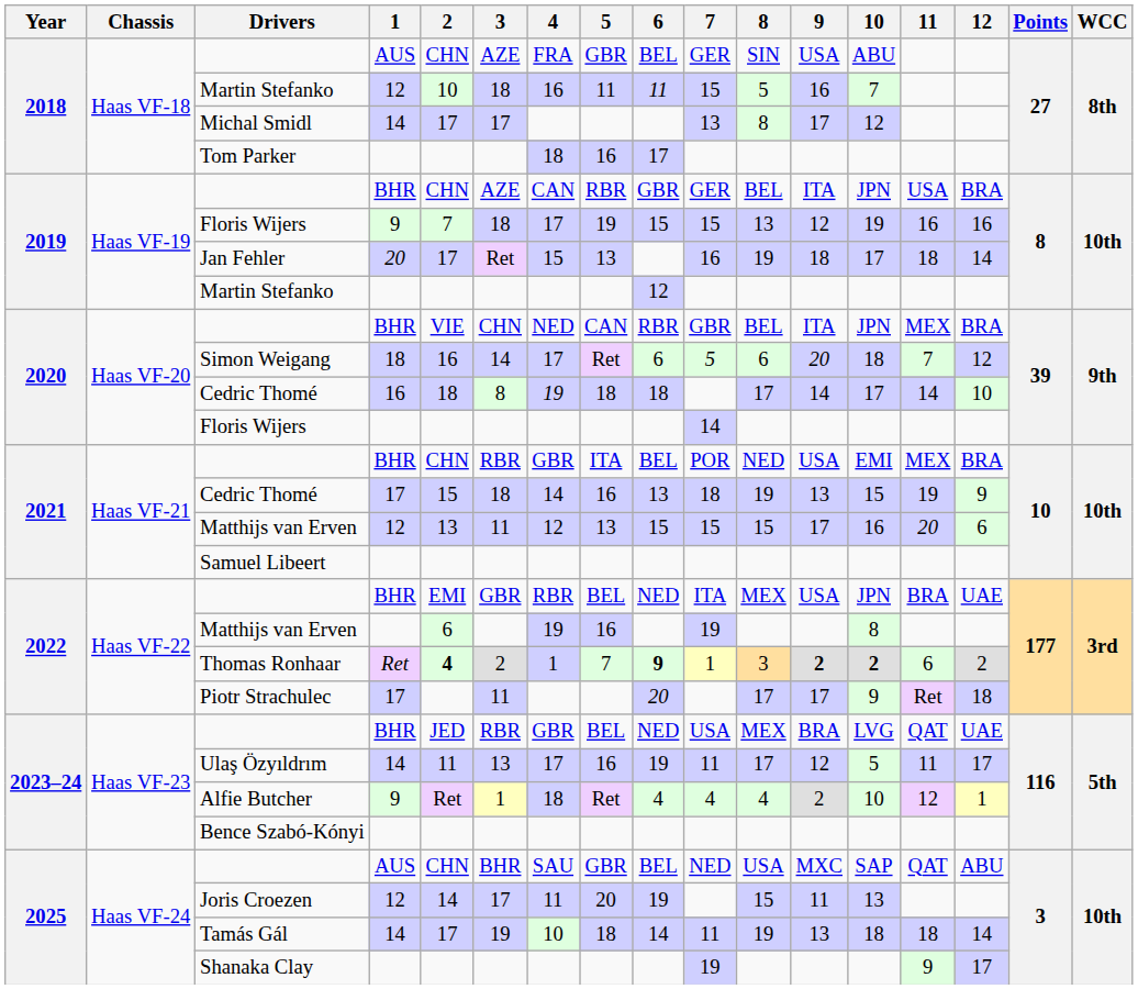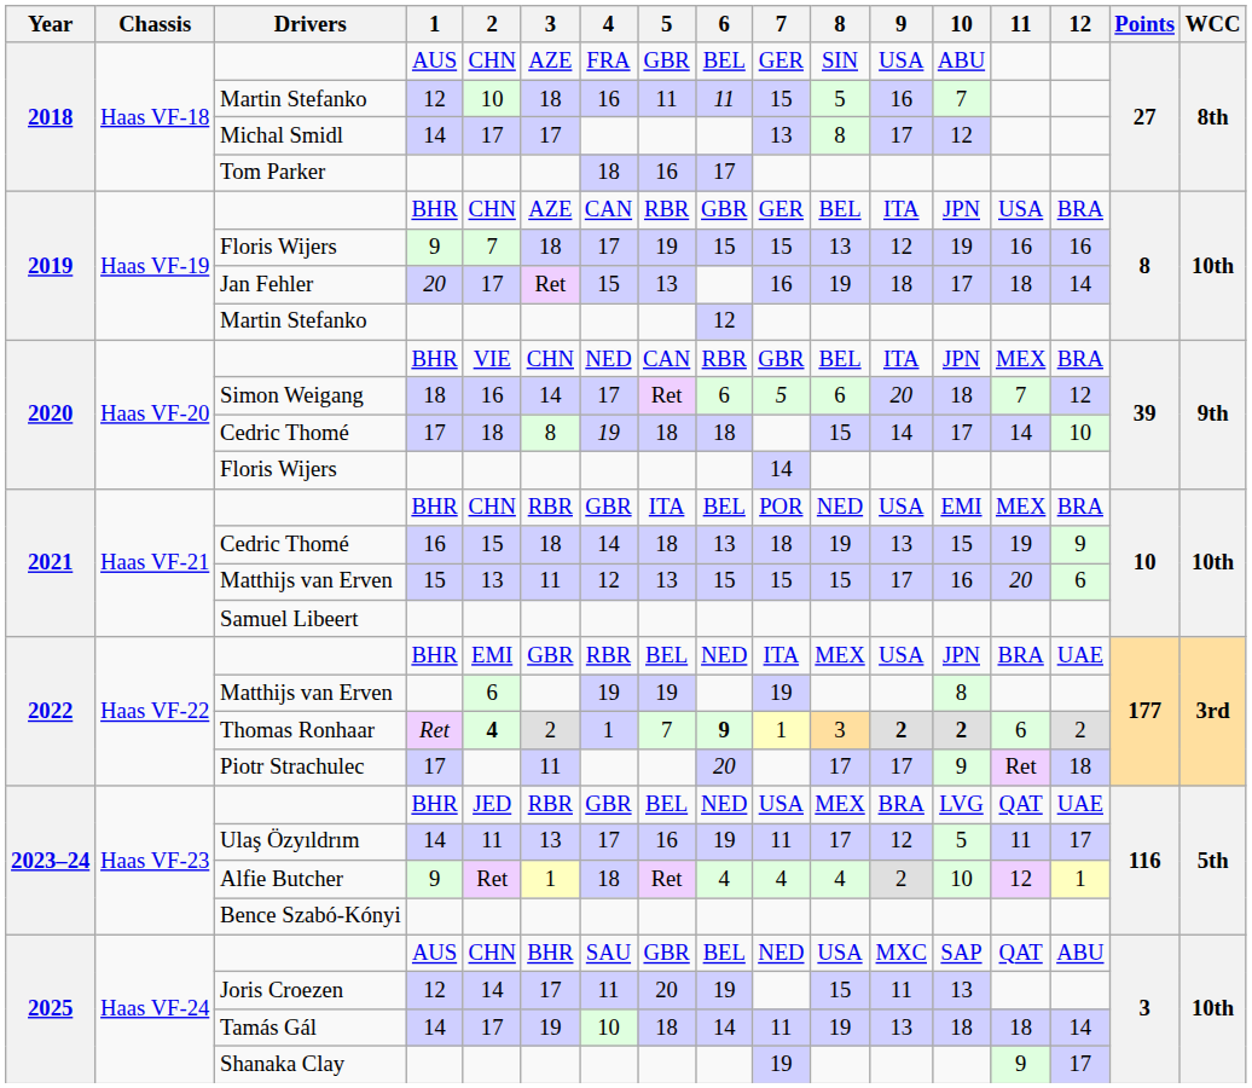 <table class="wikitable" style="text-align:center; font-size:85%">
 <tr>
 <th>Year</th>
 <th>Chassis</th>
 <th>Drivers</th>
 <th>1</th>
 <th>2</th>
 <th>3</th>
 <th>4</th>
 <th>5</th>
 <th>6</th>
 <th>7</th>
 <th>8</th>
 <th>9</th>
 <th>10</th>
 <th>11</th>
 <th>12</th>
 <th><a href='#'>Points</a></th>
 <th>WCC</th>
 </tr>
 <tr>
 <th rowspan="4"><a href='#'>2018</a></th>
 <td rowspan="4"><a href='#'>Haas VF-18</a></td>
 <td></td>
 <td><a href='#'>AUS</a></td>
 <td><a href='#'>CHN</a></td>
 <td><a href='#'>AZE</a></td>
 <td><a href='#'>FRA</a></td>
 <td><a href='#'>GBR</a></td>
 <td><a href='#'>BEL</a></td>
 <td><a href='#'>GER</a></td>
 <td><a href='#'>SIN</a></td>
 <td><a href='#'>USA</a></td>
 <td><a href='#'>ABU</a></td>
 <td></td>
 <td></td>
 <th rowspan="4" style="background:#;">27</th>
 <th rowspan="4" style="background:#;">8th</th>
 </tr>
 <tr>
 <td align="left"> Martin Stefanko</td>
 <td style="background: #CFCFFF">12</td>
 <td style="background: #DFFFDF">10</td>
 <td style="background: #CFCFFF">18</td>
 <td style="background: #CFCFFF">16</td>
 <td style="background: #CFCFFF">11</td>
 <td style="background: #CFCFFF"><em>11</em></td>
 <td style="background: #CFCFFF">15</td>
 <td style="background: #DFFFDF">5</td>
 <td style="background: #CFCFFF">16</td>
 <td style="background: #DFFFDF">7</td>
 <td></td>
 <td></td>
 </tr>
 <tr>
 <td align="left"> Michal Smidl</td>
 <td style="background: #CFCFFF">14</td>
 <td style="background: #CFCFFF">17</td>
 <td style="background: #CFCFFF">17</td>
 <td style="background: #"></td>
 <td style="background: #"></td>
 <td style="background: #"></td>
 <td style="background: #CFCFFF">13</td>
 <td style="background: #DFFFDF">8</td>
 <td style="background: #CFCFFF">17</td>
 <td style="background: #CFCFFF">12</td>
 <td></td>
 <td></td>
 </tr>
 <tr>
 <td align="left"> Tom Parker</td>
 <td style="background: #"></td>
 <td style="background: #"></td>
 <td style="background: #"></td>
 <td style="background: #CFCFFF">18</td>
 <td style="background: #CFCFFF">16</td>
 <td style="background: #CFCFFF">17</td>
 <td style="background: #"></td>
 <td style="background: #"></td>
 <td style="background: #"></td>
 <td style="background: #"></td>
 <td></td>
 <td></td>
 </tr>
 <tr>
 <th rowspan="4"><a href='#'>2019</a></th>
 <td rowspan="4"><a href='#'>Haas VF-19</a></td>
 <td></td>
 <td><a href='#'>BHR</a></td>
 <td><a href='#'>CHN</a></td>
 <td><a href='#'>AZE</a></td>
 <td><a href='#'>CAN</a></td>
 <td><a href='#'>RBR</a></td>
 <td><a href='#'>GBR</a></td>
 <td><a href='#'>GER</a></td>
 <td><a href='#'>BEL</a></td>
 <td><a href='#'>ITA</a></td>
 <td><a href='#'>JPN</a></td>
 <td><a href='#'>USA</a></td>
 <td><a href='#'>BRA</a></td>
 <th rowspan="4" style="background: #;">8</th>
 <th rowspan="4" style="background: #;">10th</th>
 </tr>
 <tr>
 <td align="left"> Floris Wijers</td>
 <td style="background: #DFFFDF">9</td>
 <td style="background: #DFFFDF">7</td>
 <td style="background: #CFCFFF">18</td>
 <td style="background: #CFCFFF">17</td>
 <td style="background: #CFCFFF">19</td>
 <td style="background: #CFCFFF">15</td>
 <td style="background: #CFCFFF">15</td>
 <td style="background: #CFCFFF">13</td>
 <td style="background: #CFCFFF">12</td>
 <td style="background: #CFCFFF">19</td>
 <td style="background: #CFCFFF">16</td>
 <td style="background: #CFCFFF">16</td>
 </tr>
 <tr>
 <td align="left"> Jan Fehler</td>
 <td style="background: #CFCFFF"><em>20</em></td>
 <td style="background: #CFCFFF">17</td>
 <td style="background: #EFCFFF">Ret</td>
 <td style="background: #CFCFFF">15</td>
 <td style="background: #CFCFFF">13</td>
 <td></td>
 <td style="background: #CFCFFF">16</td>
 <td style="background: #CFCFFF">19</td>
 <td style="background: #CFCFFF">18</td>
 <td style="background: #CFCFFF">17</td>
 <td style="background: #CFCFFF">18</td>
 <td style="background: #CFCFFF">14</td>
 </tr>
 <tr>
 <td align="left"> Martin Stefanko</td>
 <td></td>
 <td></td>
 <td></td>
 <td></td>
 <td></td>
 <td style="background: #CFCFFF">12</td>
 <td></td>
 <td></td>
 <td style="background: #"></td>
 <td></td>
 <td></td>
 <td style="background: #"></td>
 </tr>
 <tr>
 <th rowspan="4"><a href='#'>2020</a></th>
 <td rowspan="4"><a href='#'>Haas VF-20</a></td>
 <td></td>
 <td><a href='#'>BHR</a></td>
 <td><a href='#'>VIE</a></td>
 <td><a href='#'>CHN</a></td>
 <td><a href='#'>NED</a></td>
 <td><a href='#'>CAN</a></td>
 <td><a href='#'>RBR</a></td>
 <td><a href='#'>GBR</a></td>
 <td><a href='#'>BEL</a></td>
 <td><a href='#'>ITA</a></td>
 <td><a href='#'>JPN</a></td>
 <td><a href='#'>MEX</a></td>
 <td><a href='#'>BRA</a></td>
 <th rowspan="4">39</th>
 <th rowspan="4">9th</th>
 </tr>
 <tr>
 <td align="left"> Simon Weigang</td>
 <td style="background: #CFCFFF">18</td>
 <td style="background: #CFCFFF">16</td>
 <td style="background: #CFCFFF">14</td>
 <td style="background: #CFCFFF">17</td>
 <td style="background: #EFCFFF">Ret</td>
 <td style="background: #DFFFDF">6</td>
 <td style="background: #DFFFDF"><em>5</em></td>
 <td style="background: #DFFFDF">6</td>
 <td style="background: #CFCFFF"><em>20</em></td>
 <td style="background: #CFCFFF">18</td>
 <td style="background: #DFFFDF">7</td>
 <td style="background: #CFCFFF">12</td>
 </tr>
 <tr>
 <td align="left"> Cedric Thomé</td>
-<td style="background: #CFCFFF">16</td>
+<td style="background: #CFCFFF">17</td>
 <td style="background: #CFCFFF">18</td>
 <td style="background: #DFFFDF">8</td>
 <td style="background: #CFCFFF"><em>19</em></td>
 <td style="background: #CFCFFF">18</td>
 <td style="background: #CFCFFF">18</td>
 <td style="background: #"></td>
-<td style="background: #CFCFFF">17</td>
+<td style="background: #CFCFFF">15</td>
 <td style="background: #CFCFFF">14</td>
 <td style="background: #CFCFFF">17</td>
 <td style="background: #CFCFFF">14</td>
 <td style="background: #DFFFDF">10</td>
 </tr>
 <tr>
 <td align="left"> Floris Wijers</td>
 <td></td>
 <td></td>
 <td></td>
 <td></td>
 <td></td>
 <td></td>
 <td style="background: #CFCFFF">14</td>
 <td style="background: #"></td>
 <td></td>
 <td></td>
 <td></td>
 <td></td>
 </tr>
 <tr>
 <th rowspan="4"><a href='#'>2021</a></th>
 <td rowspan="4"><a href='#'>Haas VF-21</a></td>
 <td></td>
 <td><a href='#'>BHR</a></td>
 <td><a href='#'>CHN</a></td>
 <td><a href='#'>RBR</a></td>
 <td><a href='#'>GBR</a></td>
 <td><a href='#'>ITA</a></td>
 <td><a href='#'>BEL</a></td>
 <td><a href='#'>POR</a></td>
 <td><a href='#'>NED</a></td>
 <td><a href='#'>USA</a></td>
 <td><a href='#'>EMI</a></td>
 <td><a href='#'>MEX</a></td>
 <td><a href='#'>BRA</a></td>
 <th rowspan="4">10</th>
 <th rowspan="4">10th</th>
 </tr>
 <tr>
 <td align="left"> Cedric Thomé</td>
-<td style="background: #CFCFFF">17</td>
+<td style="background: #CFCFFF">16</td>
 <td style="background: #CFCFFF">15</td>
 <td style="background: #CFCFFF">18</td>
 <td style="background: #CFCFFF">14</td>
-<td style="background: #CFCFFF">16</td>
+<td style="background: #CFCFFF">18</td>
 <td style="background: #CFCFFF">13</td>
 <td style="background: #CFCFFF">18</td>
 <td style="background: #CFCFFF">19</td>
 <td style="background: #CFCFFF">13</td>
 <td style="background: #CFCFFF">15</td>
 <td style="background: #CFCFFF">19</td>
 <td style="background: #DFFFDF;">9</td>
 </tr>
 <tr>
 <td align="left"> Matthijs van Erven</td>
-<td style="background: #CFCFFF">12</td>
+<td style="background: #CFCFFF">15</td>
 <td style="background: #CFCFFF">13</td>
 <td style="background: #CFCFFF">11</td>
 <td style="background: #CFCFFF">12</td>
 <td style="background: #CFCFFF">13</td>
 <td style="background: #CFCFFF">15</td>
 <td style="background: #CFCFFF">15</td>
 <td style="background: #CFCFFF">15</td>
 <td style="background: #CFCFFF">17</td>
 <td style="background: #CFCFFF">16</td>
 <td style="background: #CFCFFF"><em>20</em></td>
 <td style="background: #DFFFDF">6</td>
 </tr>
 <tr>
 <td align="left"> Samuel Libeert</td>
 <td style="background: #"></td>
 <td style="background: #"></td>
 <td style="background: #"></td>
 <td style="background: #"></td>
 <td style="background: #"></td>
 <td style="background: #"></td>
 <td style="background: #"></td>
 <td style="background: #"></td>
 <td style="background: #"></td>
 <td style="background: #"></td>
 <td style="background: #"></td>
 <td style="background: #"></td>
 </tr>
 <tr>
 <th rowspan="4"><a href='#'>2022</a></th>
 <td rowspan="4"><a href='#'>Haas VF-22</a></td>
 <td></td>
 <td><a href='#'>BHR</a></td>
 <td><a href='#'>EMI</a></td>
 <td><a href='#'>GBR</a></td>
 <td><a href='#'>RBR</a></td>
 <td><a href='#'>BEL</a></td>
 <td><a href='#'>NED</a></td>
 <td><a href='#'>ITA</a></td>
 <td><a href='#'>MEX</a></td>
 <td><a href='#'>USA</a></td>
 <td><a href='#'>JPN</a></td>
 <td><a href='#'>BRA</a></td>
 <td><a href='#'>UAE</a></td>
 <th rowspan="4" style="background: #FFDF9F">177</th>
 <th rowspan="4" style="background: #FFDF9F">3rd</th>
 </tr>
 <tr>
 <td align="left"> Matthijs van Erven</td>
 <td style="background: #"></td>
 <td style="background: #DFFFDF">6</td>
 <td style="background: #"></td>
 <td style="background: #CFCFFF">19</td>
-<td style="background: #CFCFFF">16</td>
+<td style="background: #CFCFFF;">19</td>
 <td style="background: #"></td>
 <td style="background: #CFCFFF">19</td>
 <td style="background: #"></td>
 <td style="background: #"></td>
 <td style="background: #DFFFDF">8</td>
 <td style="background: #"></td>
 <td style="background: #"></td>
 </tr>
 <tr>
 <td align="left"> Thomas Ronhaar</td>
 <td style="background: #EFCFFF"><em>Ret</em></td>
 <td style="background: #DFFFDF"><strong>4</strong></td>
 <td style="background: #DFDFDF">2</td>
 <td style="background: #CFCFFF">1</td>
 <td style="background: #DFFFDF">7</td>
 <td style="background: #DFFFDF"><strong>9</strong></td>
 <td style="background: #FFFFBF">1</td>
 <td style="background: #FFDF9F">3</td>
 <td style="background: #DFDFDF"><strong>2</strong></td>
 <td style="background: #DFDFDF"><strong>2</strong></td>
 <td style="background: #DFFFDF">6</td>
 <td style="background: #DFDFDF">2</td>
 </tr>
 <tr>
 <td align="left"> Piotr Strachulec</td>
 <td style="background: #CFCFFF">17</td>
 <td style="background: #"></td>
 <td style="background: #CFCFFF">11</td>
 <td style="background: #"></td>
 <td style="background: #"></td>
 <td style="background: #CFCFFF"><em>20</em></td>
 <td style="background: #"></td>
 <td style="background: #CFCFFF">17</td>
 <td style="background: #CFCFFF">17</td>
 <td style="background: #DFFFDF">9</td>
 <td style="background: #EFCFFF">Ret</td>
 <td style="background: #CFCFFF">18</td>
 </tr>
 <tr>
 <th rowspan="4"><a href='#'>2023–24</a></th>
 <td rowspan="4"><a href='#'>Haas VF-23</a></td>
 <td></td>
 <td><a href='#'>BHR</a></td>
 <td><a href='#'>JED</a></td>
 <td><a href='#'>RBR</a></td>
 <td><a href='#'>GBR</a></td>
 <td><a href='#'>BEL</a></td>
 <td><a href='#'>NED</a></td>
 <td><a href='#'>USA</a></td>
 <td><a href='#'>MEX</a></td>
 <td><a href='#'>BRA</a></td>
 <td><a href='#'>LVG</a></td>
 <td><a href='#'>QAT</a></td>
 <td><a href='#'>UAE</a></td>
 <th rowspan="4" style="background: #">116</th>
 <th rowspan="4" style="background: #">5th</th>
 </tr>
 <tr>
 <td align="left"> Ulaş Özyıldrım</td>
 <td style="background: #CFCFFF">14</td>
 <td style="background: #CFCFFF">11</td>
 <td style="background: #CFCFFF">13</td>
 <td style="background: #CFCFFF">17</td>
 <td style="background: #CFCFFF">16</td>
 <td style="background: #CFCFFF">19</td>
 <td style="background: #CFCFFF">11</td>
 <td style="background: #CFCFFF">17</td>
 <td style="background: #CFCFFF">12</td>
 <td style="background: #DFFFDF">5</td>
 <td style="background: #CFCFFF">11</td>
 <td style="background: #CFCFFF">17</td>
 </tr>
 <tr>
 <td align="left"> Alfie Butcher</td>
 <td style="background: #DFFFDF">9</td>
 <td style="background: #EFCFFF">Ret</td>
 <td style="background: #FFFFBF">1</td>
 <td style="background: #CFCFFF">18</td>
 <td style="background: #EFCFFF">Ret</td>
 <td style="background: #DFFFDF">4</td>
 <td style="background: #DFFFDF">4</td>
 <td style="background: #DFFFDF">4</td>
 <td style="background: #DFDFDF">2</td>
 <td style="background: #DFFFDF">10</td>
 <td style="background: #EFCFFF">12</td>
 <td style="background: #FFFFBF">1</td>
 </tr>
 <tr>
 <td align="left"> Bence Szabó-Kónyi</td>
 <td style="background:"></td>
 <td style="background:"></td>
 <td style="background:"></td>
 <td style="background:"></td>
 <td style="background:"></td>
 <td style="background:"></td>
 <td style="background:"></td>
 <td style="background:"></td>
 <td style="background:"></td>
 <td style="background:"></td>
 <td style="background:"></td>
 <td style="background:"></td>
 </tr>
 <tr>
 <th rowspan="4"><a href='#'>2025</a></th>
 <td rowspan="4"><a href='#'>Haas VF-24</a></td>
 <td></td>
 <td><a href='#'>AUS</a></td>
 <td><a href='#'>CHN</a></td>
 <td><a href='#'>BHR</a></td>
 <td><a href='#'>SAU</a></td>
 <td><a href='#'>GBR</a></td>
 <td><a href='#'>BEL</a></td>
 <td><a href='#'>NED</a></td>
 <td><a href='#'>USA</a></td>
 <td><a href='#'>MXC</a></td>
 <td><a href='#'>SAP</a></td>
 <td><a href='#'>QAT</a></td>
 <td><a href='#'>ABU</a></td>
 <th rowspan="4" style="background:">3</th>
 <th rowspan="4" style="background:">10th</th>
 </tr>
 <tr>
 <td align="left"> Joris Croezen</td>
 <td style="background: #CFCFFF">12</td>
 <td style="background: #CFCFFF">14</td>
 <td style="background: #CFCFFF">17</td>
 <td style="background: #CFCFFF">11</td>
 <td style="background: #CFCFFF">20</td>
 <td style="background: #CFCFFF">19</td>
 <td style="background: #"></td>
 <td style="background: #CFCFFF">15</td>
 <td style="background: #CFCFFF">11</td>
 <td style="background: #CFCFFF">13</td>
 <td style="background: #"></td>
 <td style="background: #"></td>
 </tr>
 <tr>
 <td align="left"> Tamás Gál</td>
 <td style="background: #CFCFFF">14</td>
 <td style="background: #CFCFFF">17</td>
 <td style="background: #CFCFFF">19</td>
 <td style="background: #DFFFDF">10</td>
 <td style="background: #CFCFFF">18</td>
 <td style="background: #CFCFFF">14</td>
 <td style="background: #CFCFFF">11</td>
 <td style="background: #CFCFFF">19</td>
 <td style="background: #CFCFFF">13</td>
 <td style="background: #CFCFFF">18</td>
 <td style="background: #CFCFFF">18</td>
 <td style="background: #CFCFFF">14</td>
 </tr>
 <tr>
 <td align="left"> Shanaka Clay</td>
 <td style="background: #"></td>
 <td style="background: #"></td>
 <td style="background: #"></td>
 <td style="background: #"></td>
 <td style="background: #"></td>
 <td style="background: #"></td>
 <td style="background: #CFCFFF">19</td>
 <td style="background: #"></td>
 <td style="background: #"></td>
 <td style="background: #"></td>
 <td style="background: #DFFFDF">9</td>
 <td style="background: #CFCFFF">17</td>
 </tr>
 </table>
